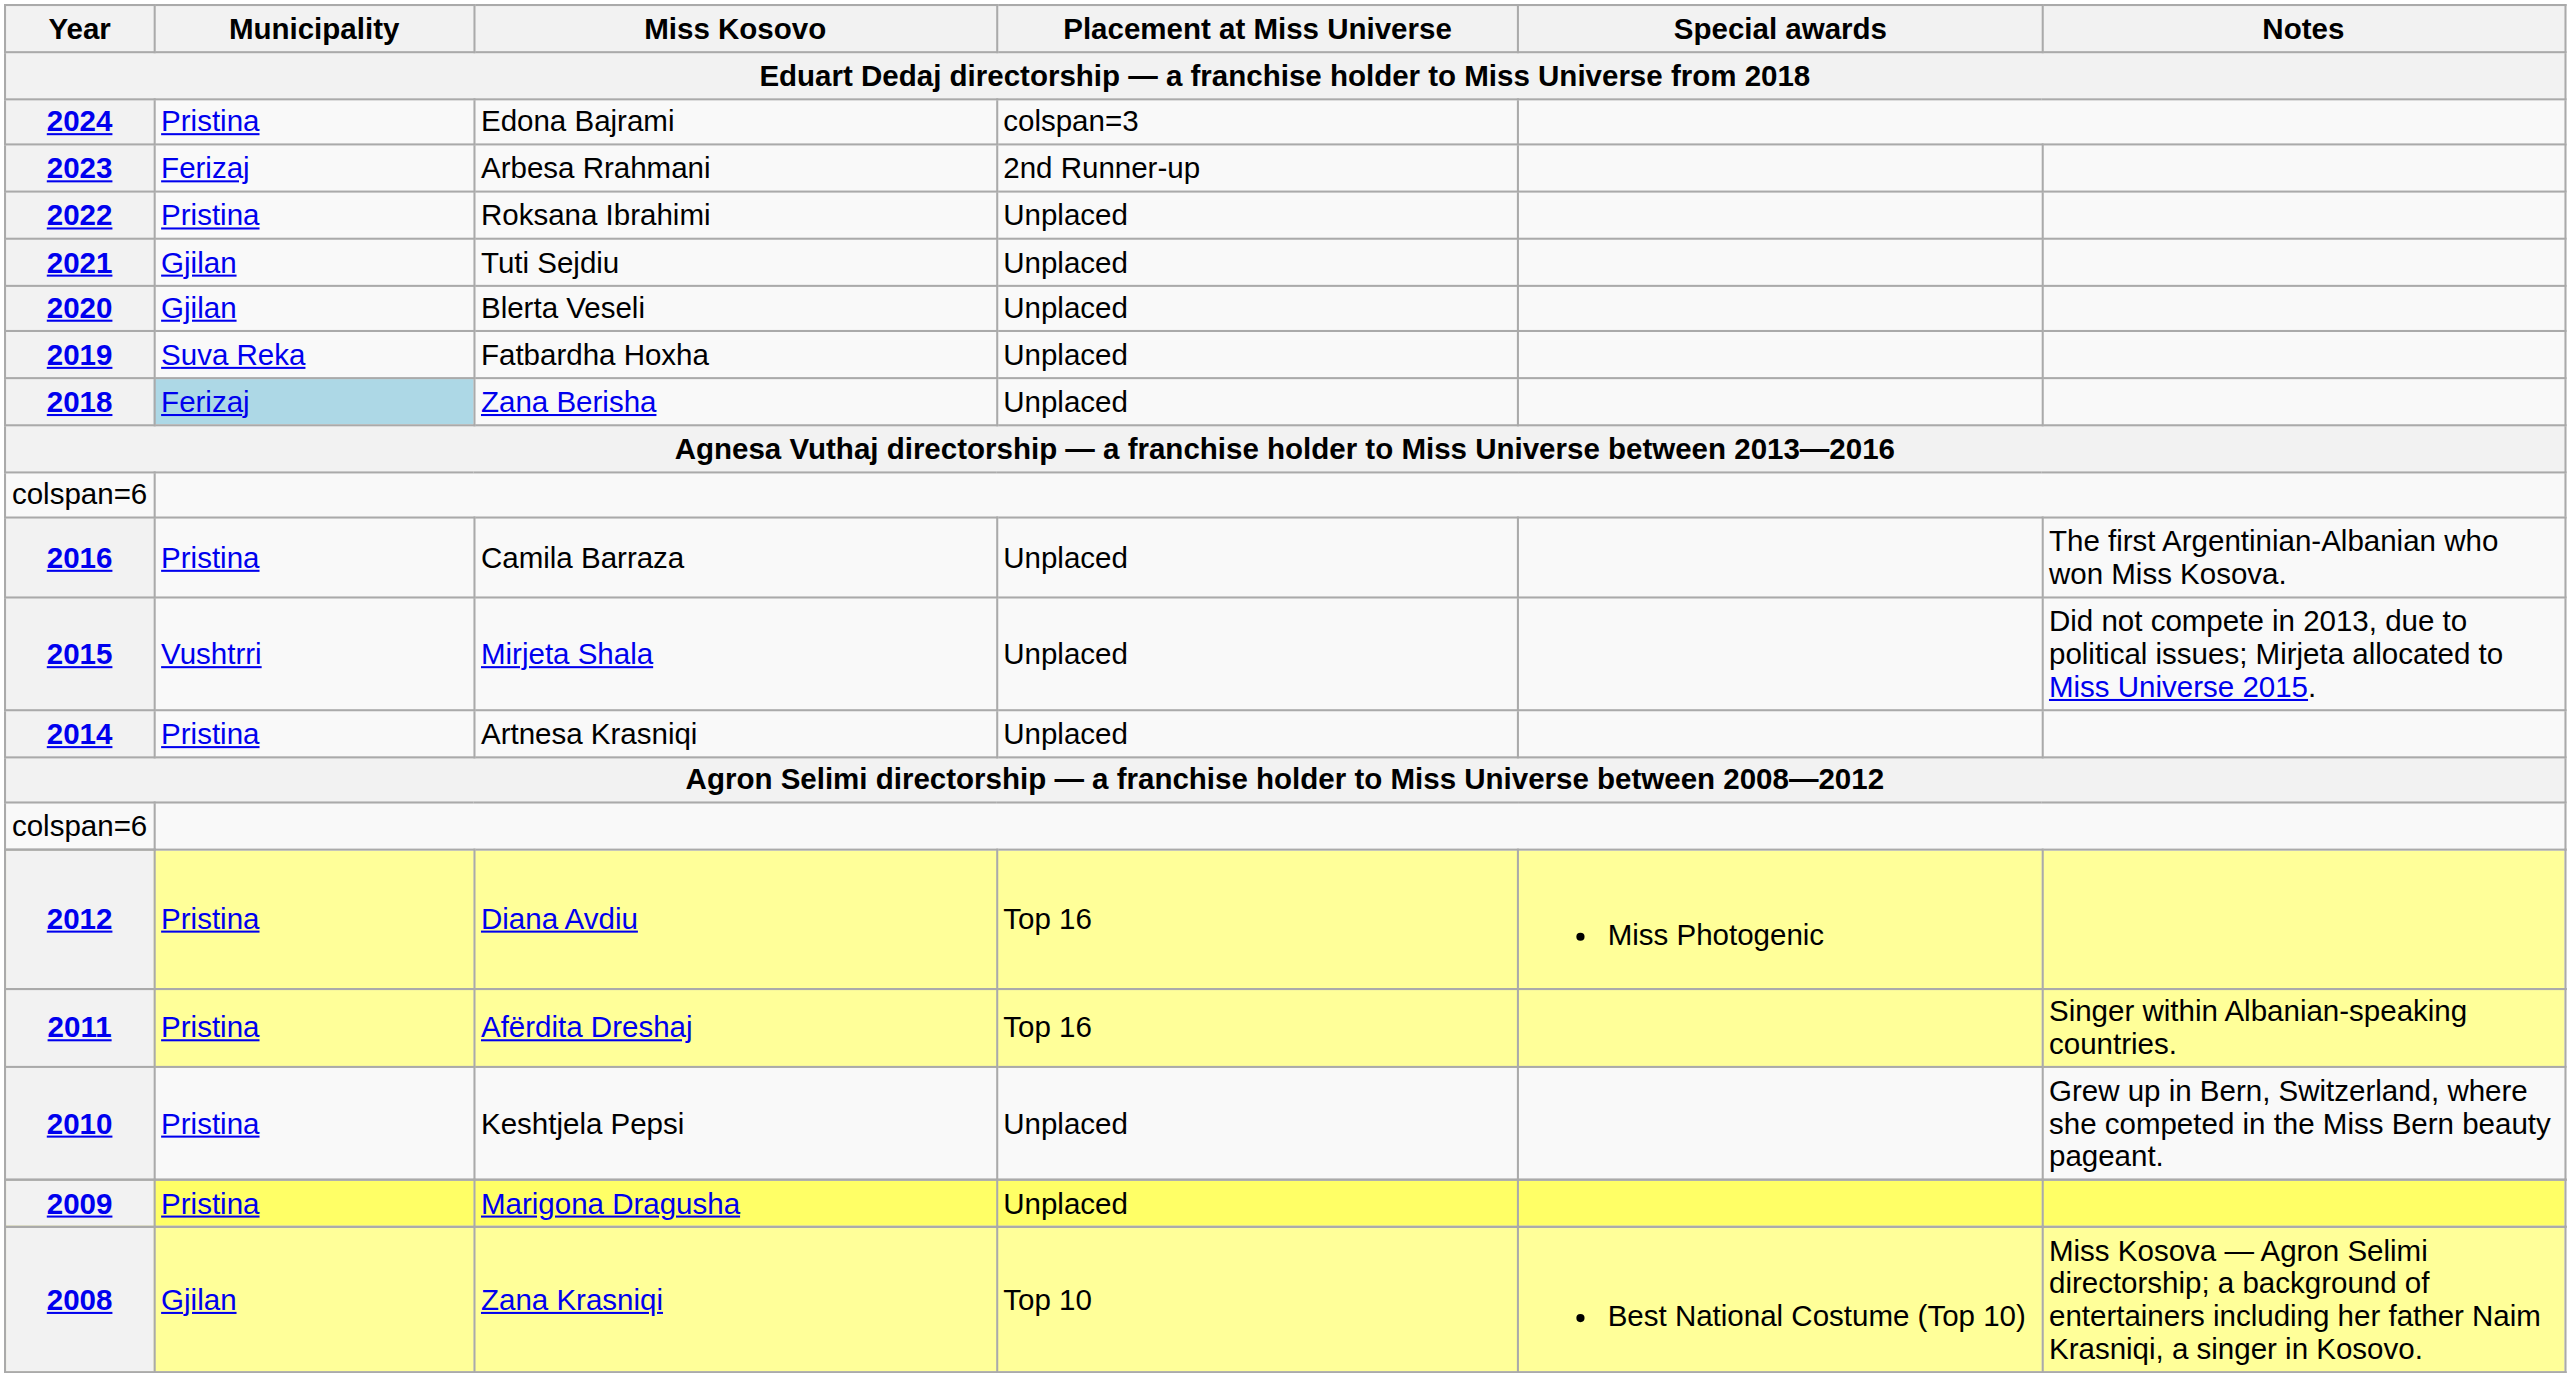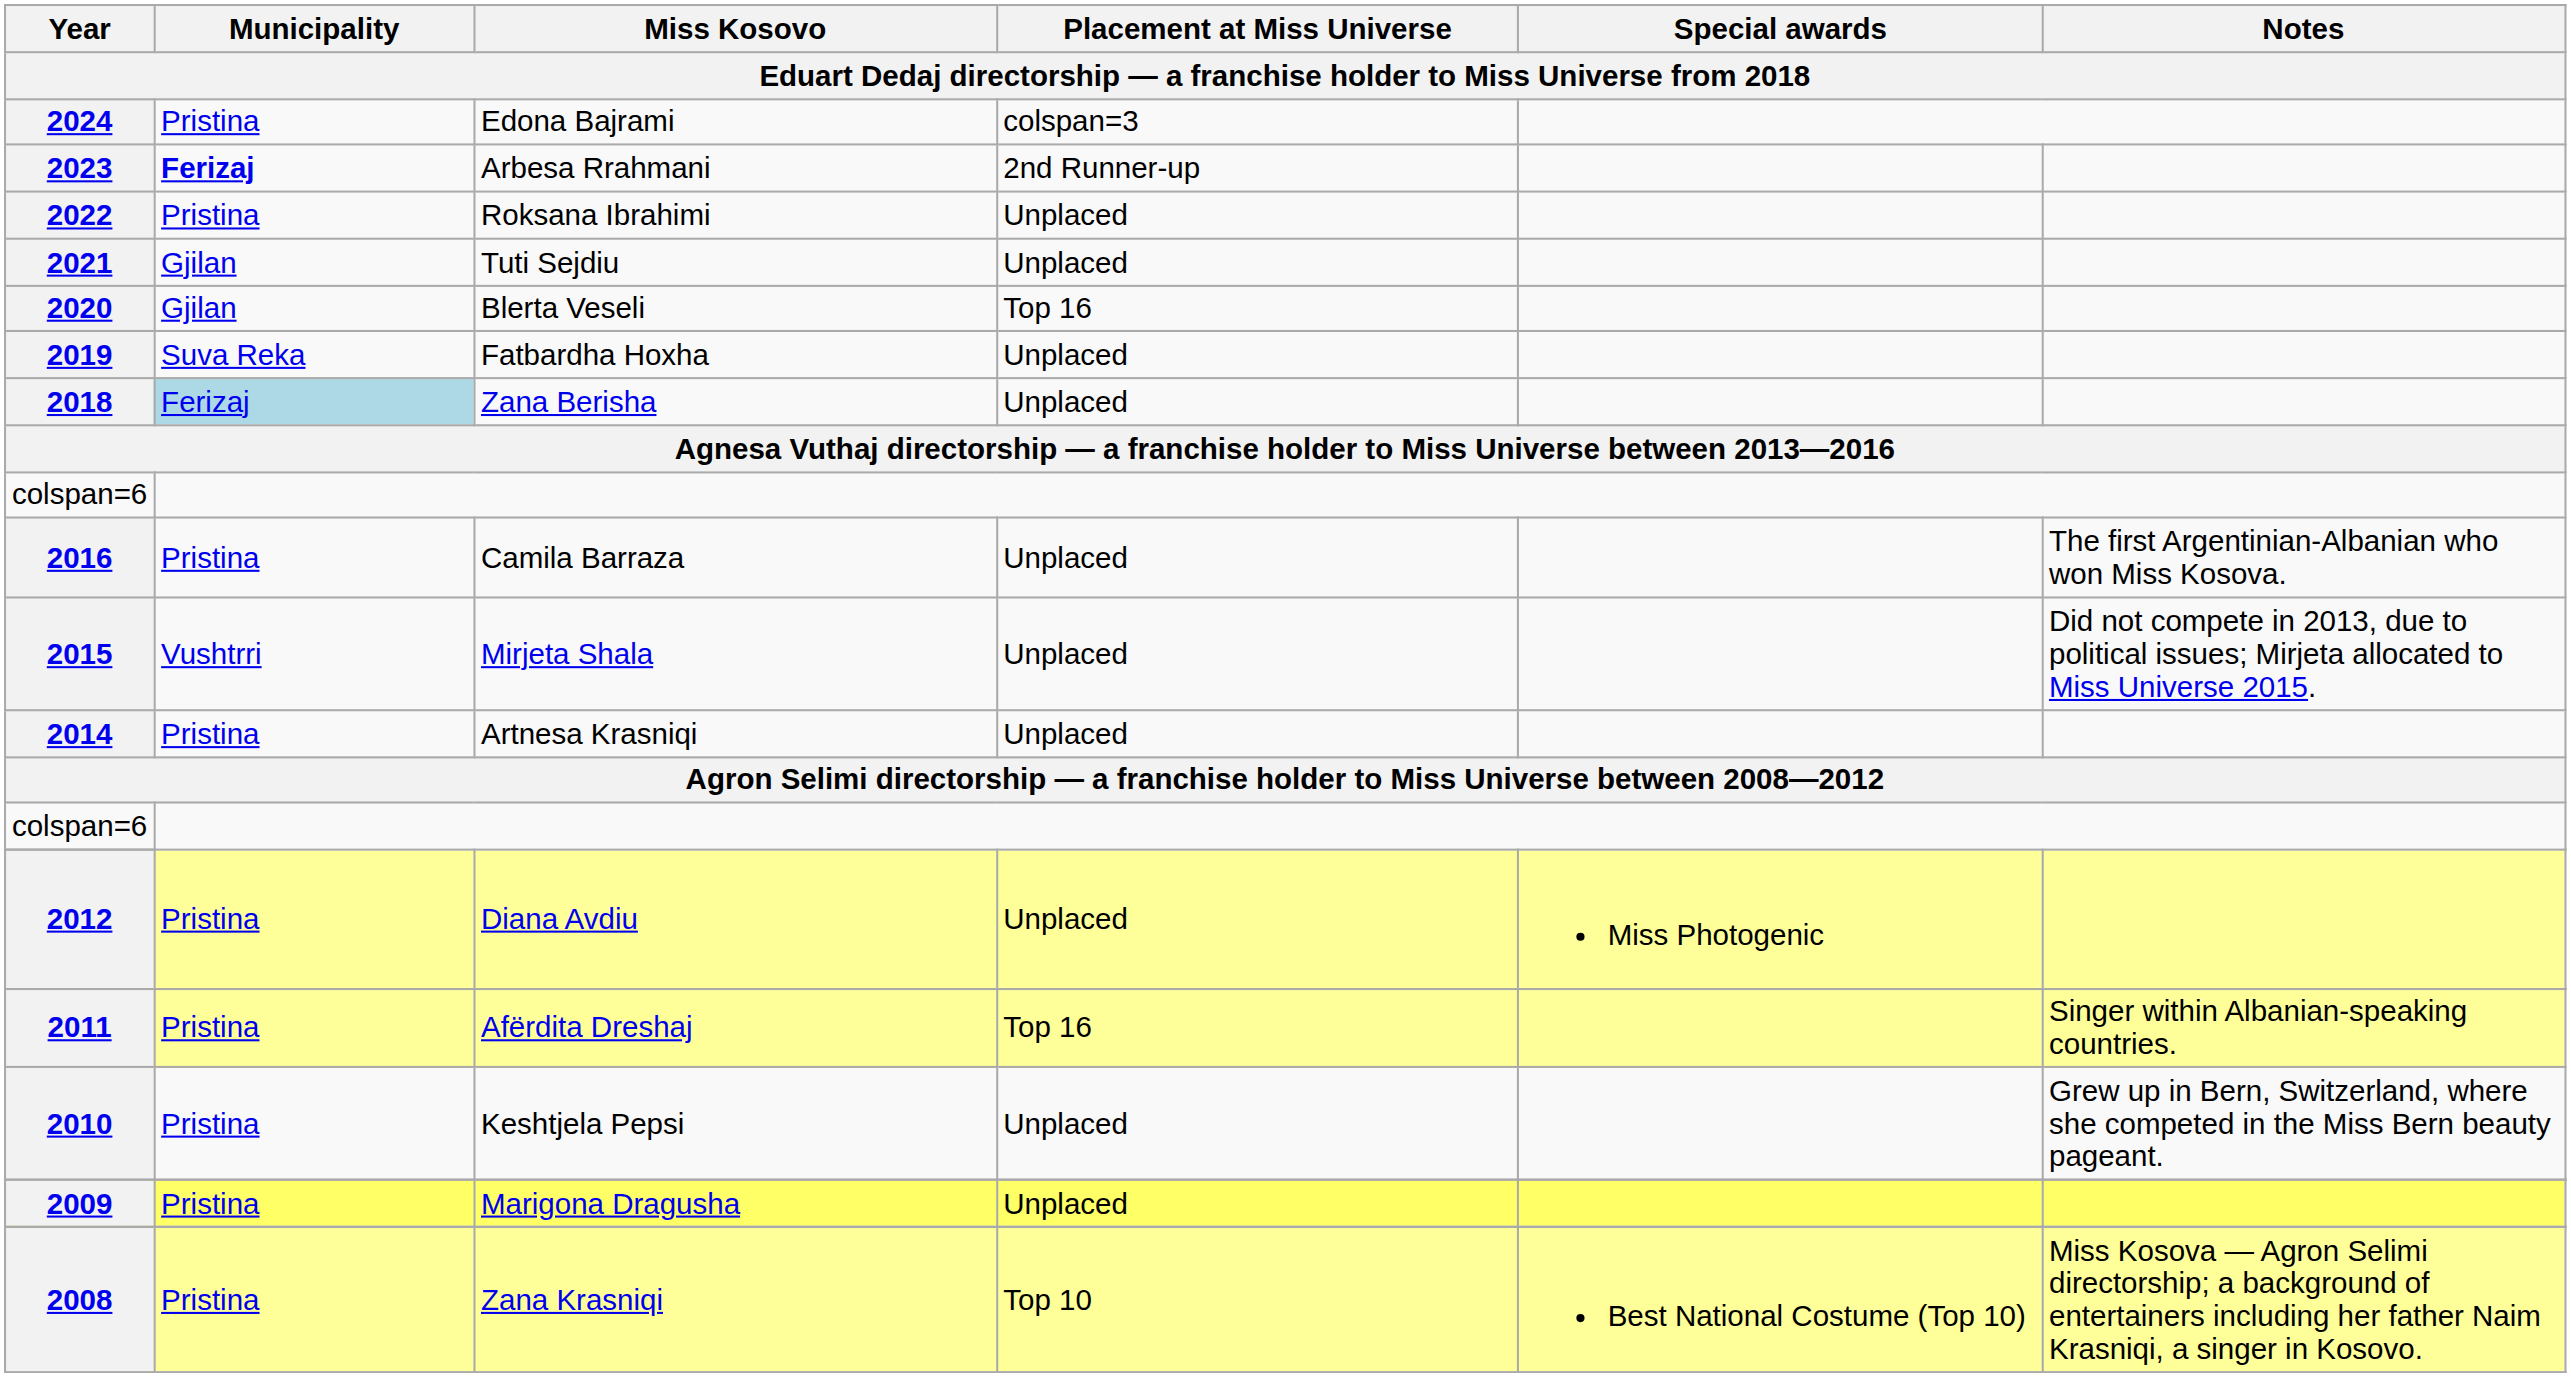 <table class="wikitable " style="font-size: 90%;">
 <tr>
 <th width="60">Year</th>
 <th width="150">Municipality</th>
 <th width="250">Miss Kosovo</th>
 <th width="250">Placement at Miss Universe</th>
 <th width="250">Special awards</th>
 <th width="250">Notes</th>
 </tr>
 <tr>
 <th colspan="6">Eduart Dedaj directorship — a franchise holder to Miss Universe from 2018</th>
 </tr>
 <tr>
 <th><a href='#'>2024</a></th>
 <td><a href='#'>Pristina</a></td>
 <td>Edona Bajrami</td>
 <td>colspan=3 </td>
 </tr>
 <tr>
 <th><a href='#'>2023</a></th>
-<td><a href='#'>Ferizaj</a></td>
+<td><strong><a href='#'>Ferizaj</a></strong></td>
 <td>Arbesa Rrahmani</td>
 <td>2nd Runner-up</td>
 <td></td>
 <td></td>
 </tr>
 <tr>
 <th><a href='#'>2022</a></th>
 <td><a href='#'>Pristina</a></td>
 <td>Roksana Ibrahimi</td>
 <td>Unplaced</td>
 <td></td>
 <td></td>
 </tr>
 <tr>
 <th><a href='#'>2021</a></th>
 <td><a href='#'>Gjilan</a></td>
 <td>Tuti Sejdiu</td>
 <td>Unplaced</td>
 <td></td>
 <td></td>
 </tr>
 <tr>
 <th><a href='#'>2020</a></th>
 <td><a href='#'>Gjilan</a></td>
 <td>Blerta Veseli</td>
-<td>Unplaced</td>
+<td>Top 16</td>
 <td></td>
 <td></td>
 </tr>
 <tr>
 <th><a href='#'>2019</a></th>
 <td><a href='#'>Suva Reka</a></td>
 <td>Fatbardha Hoxha</td>
 <td>Unplaced</td>
 <td></td>
 <td></td>
 </tr>
 <tr>
 <th><a href='#'>2018</a></th>
 <td style="background: lightblue;"><a href='#'>Ferizaj</a></td>
 <td><a href='#'>Zana Berisha</a></td>
 <td>Unplaced</td>
 <td></td>
 <td></td>
 </tr>
 <tr>
 <th colspan="6">Agnesa Vuthaj directorship — a franchise holder to Miss Universe between 2013―2016</th>
 </tr>
 <tr>
 <td>colspan=6 </td>
 </tr>
 <tr>
 <th><a href='#'>2016</a></th>
 <td><a href='#'>Pristina</a></td>
 <td>Camila Barraza</td>
 <td>Unplaced</td>
 <td></td>
 <td>The first Argentinian-Albanian who won Miss Kosova.</td>
 </tr>
 <tr>
 <th><a href='#'>2015</a></th>
 <td><a href='#'>Vushtrri</a></td>
 <td><a href='#'>Mirjeta Shala</a></td>
 <td>Unplaced</td>
 <td></td>
 <td>Did not compete in 2013, due to political issues; Mirjeta allocated to <a href='#'>Miss Universe 2015</a>.</td>
 </tr>
 <tr>
 <th><a href='#'>2014</a></th>
 <td><a href='#'>Pristina</a></td>
 <td>Artnesa Krasniqi</td>
 <td>Unplaced</td>
 <td></td>
 <td></td>
 </tr>
 <tr>
 <th colspan="6">Agron Selimi directorship — a franchise holder to Miss Universe between 2008―2012</th>
 </tr>
 <tr>
 <td>colspan=6 </td>
 </tr>
 <tr>
 </tr>
 <tr style="background-color:#FFFF99">
 <th><a href='#'>2012</a></th>
 <td><a href='#'>Pristina</a></td>
 <td><a href='#'>Diana Avdiu</a></td>
-<td>Top 16</td>
+<td>Unplaced</td>
 <td align="left"><br><ul><li>Miss Photogenic</li></ul></td>
 <td></td>
 </tr>
 <tr>
 </tr>
 <tr style="background-color:#FFFF99">
 <th><a href='#'>2011</a></th>
 <td><a href='#'>Pristina</a></td>
 <td><a href='#'>Afërdita Dreshaj</a></td>
 <td>Top 16</td>
 <td></td>
 <td>Singer within Albanian-speaking countries.</td>
 </tr>
 <tr>
 <th><a href='#'>2010</a></th>
 <td><a href='#'>Pristina</a></td>
 <td>Keshtjela Pepsi</td>
 <td>Unplaced</td>
 <td></td>
 <td>Grew up in Bern, Switzerland, where she competed in the Miss Bern beauty pageant.</td>
 </tr>
 <tr>
 </tr>
 <tr style="background-color:#FFFF66">
 <th><a href='#'>2009</a></th>
 <td><a href='#'>Pristina</a></td>
 <td><a href='#'>Marigona Dragusha</a></td>
 <td>Unplaced</td>
 <td></td>
 <td></td>
 </tr>
 <tr>
 </tr>
 <tr style="background-color:#FFFF99">
 <th><a href='#'>2008</a></th>
-<td><a href='#'>Gjilan</a></td>
+<td><a href='#'>Pristina</a></td>
 <td><a href='#'>Zana Krasniqi</a></td>
 <td>Top 10</td>
 <td align="left"><br><ul><li>Best National Costume (Top 10)</li></ul></td>
 <td>Miss Kosova — Agron Selimi directorship; a background of entertainers including her father Naim Krasniqi, a singer in Kosovo.</td>
 </tr>
 <tr>
 </tr>
 </table>
